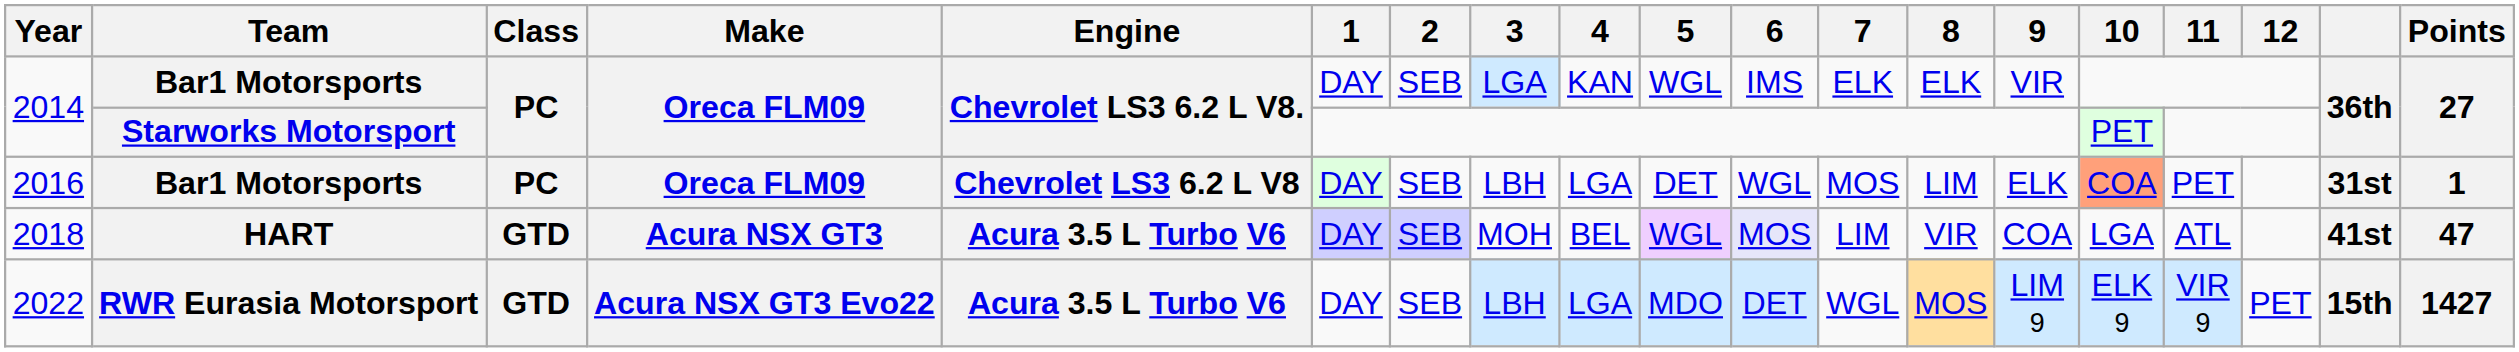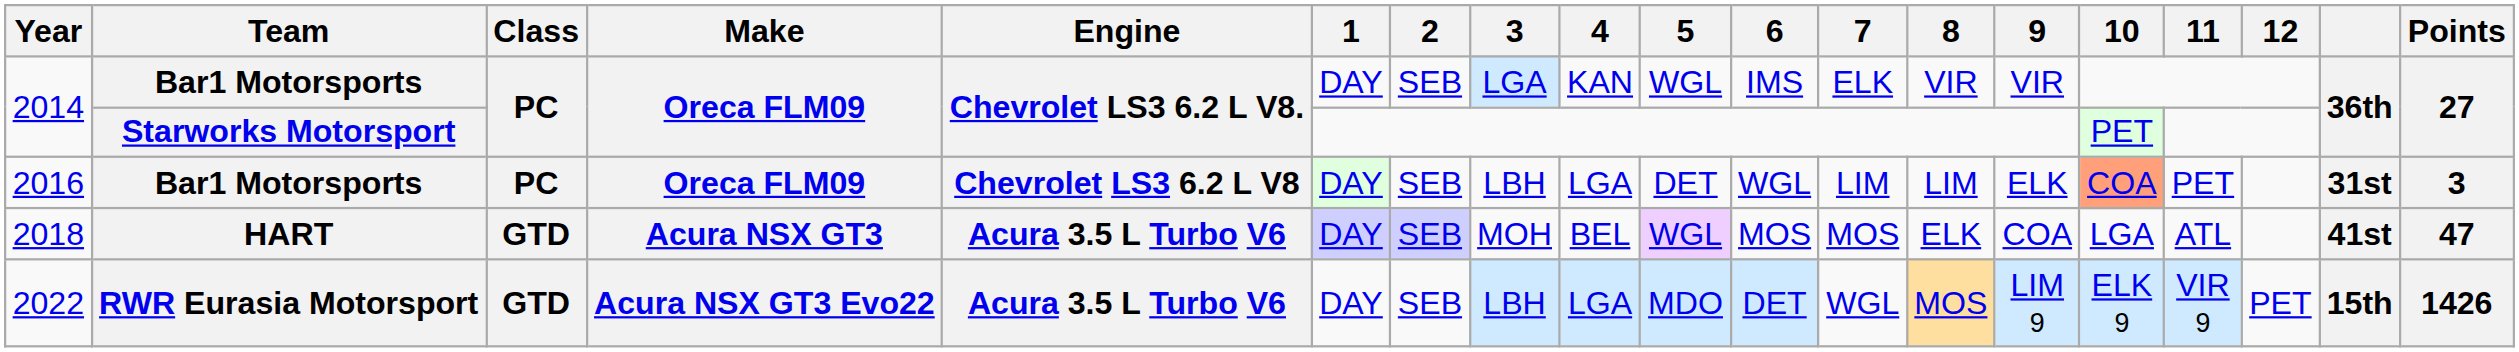 <table class="wikitable" style="text-align:center; font-size:90%">
 <tr>
 <th>Year</th>
 <th>Team</th>
 <th>Class</th>
 <th>Make</th>
 <th>Engine</th>
 <th>1</th>
 <th>2</th>
 <th>3</th>
 <th>4</th>
 <th>5</th>
 <th>6</th>
 <th>7</th>
 <th>8</th>
 <th>9</th>
 <th>10</th>
 <th>11</th>
 <th>12</th>
 <th></th>
 <th>Points</th>
 </tr>
 <tr>
 <td rowspan=2><a href='#'>2014</a></td>
 <th>Bar1 Motorsports</th>
 <th rowspan=2>PC</th>
 <th rowspan=2><a href='#'>Oreca FLM09</a></th>
 <th rowspan=2><a href='#'>Chevrolet</a> LS3 6.2 L V8.</th>
 <td><a href='#'>DAY</a></td>
 <td><a href='#'>SEB</a></td>
 <td style="background:#CFEAFF;"><a href='#'>LGA</a><br></td>
 <td><a href='#'>KAN</a></td>
 <td><a href='#'>WGL</a></td>
 <td><a href='#'>IMS</a></td>
 <td><a href='#'>ELK</a></td>
-<td><a href='#'>ELK</a></td>
+<td><a href='#'>VIR</a></td>
 <td><a href='#'>VIR</a></td>
 <td colspan="3"></td>
 <th rowspan=2>36th</th>
 <th rowspan=2>27</th>
 </tr>
 <tr>
 <th><a href='#'>Starworks Motorsport</a></th>
 <td colspan=9></td>
 <td style="background:#DFFFDF;"><a href='#'>PET</a><br></td>
 <td colspan=2></td>
 </tr>
 <tr>
 <td><a href='#'>2016</a></td>
 <th>Bar1 Motorsports</th>
 <th>PC</th>
 <th><a href='#'>Oreca FLM09</a></th>
 <th><a href='#'>Chevrolet</a> <a href='#'>LS3</a> 6.2 L V8</th>
 <td style="background:#DFFFDF;"><a href='#'>DAY</a><br></td>
 <td><a href='#'>SEB</a></td>
 <td><a href='#'>LBH</a></td>
 <td><a href='#'>LGA</a></td>
 <td><a href='#'>DET</a></td>
 <td><a href='#'>WGL</a></td>
-<td><a href='#'>MOS</a></td>
+<td><a href='#'>LIM</a></td>
 <td><a href='#'>LIM</a></td>
 <td><a href='#'>ELK</a></td>
 <td style="background: lightsalmon;"><a href='#'>COA</a></td>
 <td><a href='#'>PET</a></td>
 <td></td>
 <th>31st</th>
-<th>1</th>
+<th>3</th>
 </tr>
 <tr>
 <td><a href='#'>2018</a></td>
 <th>HART</th>
 <th>GTD</th>
 <th><a href='#'>Acura NSX GT3</a></th>
 <th><a href='#'>Acura</a> 3.5 L <a href='#'>Turbo</a> <a href='#'>V6</a></th>
 <td style="background:#CFCFFF;"><a href='#'>DAY</a><br></td>
 <td style="background:#CFCFFF;"><a href='#'>SEB</a><br></td>
 <td><a href='#'>MOH</a></td>
 <td><a href='#'>BEL</a></td>
 <td style="background:#EFCFFF;"><a href='#'>WGL</a><br></td>
-<td style="background: lavender;"><a href='#'>MOS</a></td>
-<td><a href='#'>LIM</a></td>
-<td><a href='#'>VIR</a></td>
+<td><a href='#'>MOS</a></td>
+<td><a href='#'>MOS</a></td>
+<td><a href='#'>ELK</a></td>
 <td><a href='#'>COA</a></td>
 <td><a href='#'>LGA</a></td>
 <td><a href='#'>ATL</a></td>
 <td></td>
 <th>41st</th>
 <th>47</th>
 </tr>
 <tr>
 <td><a href='#'>2022</a></td>
 <th><a href='#'>RWR</a> Eurasia Motorsport</th>
 <th>GTD</th>
 <th><a href='#'>Acura NSX GT3 Evo22</a></th>
 <th><a href='#'>Acura</a> 3.5 L <a href='#'>Turbo</a> <a href='#'>V6</a></th>
 <td style="background:"><a href='#'>DAY</a></td>
 <td style="background:"><a href='#'>SEB</a></td>
 <td style="background:#CFEAFF;"><a href='#'>LBH</a><br></td>
 <td style="background:#CFEAFF;"><a href='#'>LGA</a><br></td>
 <td style="background:#CFEAFF;"><a href='#'>MDO</a><br></td>
 <td style="background:#CFEAFF;"><a href='#'>DET</a><br></td>
 <td><a href='#'>WGL</a></td>
 <td style="background:#FFDF9F;"><a href='#'>MOS</a><br></td>
 <td style="background:#CFEAFF;"><a href='#'>LIM</a><br><small>9</small></td>
 <td style="background:#CFEAFF;"><a href='#'>ELK</a><br><small>9</small></td>
 <td style="background:#CFEAFF;"><a href='#'>VIR</a><br><small>9</small></td>
 <td style="background:"><a href='#'>PET</a></td>
 <th>15th</th>
-<th>1427</th>
+<th>1426</th>
 </tr>
 </table>
